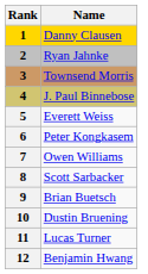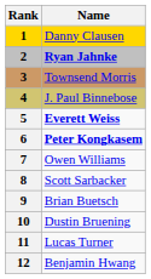 <table class="wikitable">
 <tr>
 <th>Rank</th>
 <th>Name</th>
 </tr>
 <tr bgcolor="gold">
 <td align="center"><strong>1</strong></td>
 <td><a href='#'>Danny Clausen</a></td>
 </tr>
 <tr bgcolor="silver">
 <td align="center"><strong>2</strong></td>
-<td><a href='#'>Ryan Jahnke</a></td>
+<td><strong><a href='#'>Ryan Jahnke</a></strong></td>
 </tr>
 <tr bgcolor="cc9966">
 <td align="center"><strong>3</strong></td>
 <td><a href='#'>Townsend Morris</a></td>
 </tr>
 <tr bgcolor="#d1c571">
 <td align="center"><strong>4</strong></td>
 <td><a href='#'>J. Paul Binnebose</a></td>
 </tr>
 <tr>
 <th>5</th>
-<td><a href='#'>Everett Weiss</a></td>
+<td><strong><a href='#'>Everett Weiss</a></strong></td>
 </tr>
 <tr>
 <th>6</th>
-<td><a href='#'>Peter Kongkasem</a></td>
+<td><strong><a href='#'>Peter Kongkasem</a></strong></td>
 </tr>
 <tr>
 <th>7</th>
 <td><a href='#'>Owen Williams</a></td>
 </tr>
 <tr>
 <th>8</th>
 <td><a href='#'>Scott Sarbacker</a></td>
 </tr>
 <tr>
 <th>9</th>
 <td><a href='#'>Brian Buetsch</a></td>
 </tr>
 <tr>
 <th>10</th>
 <td><a href='#'>Dustin Bruening</a></td>
 </tr>
 <tr>
 <th>11</th>
 <td><a href='#'>Lucas Turner</a></td>
 </tr>
 <tr>
 <th>12</th>
 <td><a href='#'>Benjamin Hwang</a></td>
 </tr>
 </table>
